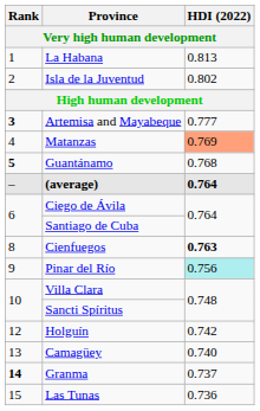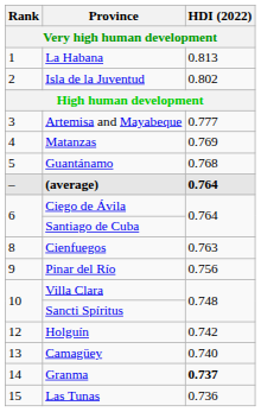 <table class="wikitable sortable">
 <tr>
 <th>Rank</th>
 <th>Province</th>
 <th>HDI (2022)</th>
 </tr>
 <tr>
 <th colspan="3" style="color:#090;">Very high human development</th>
 </tr>
 <tr>
 <td>1</td>
 <td><a href='#'>La Habana</a></td>
 <td> 0.813</td>
 </tr>
 <tr>
 <td>2</td>
 <td><a href='#'>Isla de la Juventud</a></td>
 <td> 0.802</td>
 </tr>
 <tr>
 <th colspan="3" style="color:#0c0;">High human development</th>
 </tr>
 <tr>
-<td><strong>3</strong></td>
+<td>3</td>
 <td><a href='#'>Artemisa</a> and <a href='#'>Mayabeque</a></td>
 <td> 0.777</td>
 </tr>
 <tr>
 <td>4</td>
 <td><a href='#'>Matanzas</a></td>
-<td style="background: lightsalmon;"> 0.769</td>
+<td> 0.769</td>
 </tr>
 <tr>
-<td><strong>5</strong></td>
+<td>5</td>
 <td><a href='#'>Guantánamo</a></td>
 <td> 0.768</td>
 </tr>
 <tr style="background:#e6e6e6">
 <td>–</td>
 <td><strong> (average)</strong></td>
 <td> <strong>0.764</strong></td>
 </tr>
 <tr>
 <td rowspan="2">6</td>
 <td><a href='#'>Ciego de Ávila</a></td>
 <td rowspan="2"> 0.764</td>
 </tr>
 <tr>
 <td><a href='#'>Santiago de Cuba</a></td>
 </tr>
 <tr>
 <td>8</td>
 <td><a href='#'>Cienfuegos</a></td>
-<td><strong> 0.763</strong></td>
+<td> 0.763</td>
 </tr>
 <tr>
 <td>9</td>
 <td><a href='#'>Pinar del Río</a></td>
-<td style="background: paleturquoise;"> 0.756</td>
+<td> 0.756</td>
 </tr>
 <tr>
 <td rowspan="2">10</td>
 <td><a href='#'>Villa Clara</a></td>
 <td rowspan="2"> 0.748</td>
 </tr>
 <tr>
 <td><a href='#'>Sancti Spíritus</a></td>
 </tr>
 <tr>
 <td>12</td>
 <td><a href='#'>Holguín</a></td>
 <td> 0.742</td>
 </tr>
 <tr>
 <td>13</td>
 <td><a href='#'>Camagüey</a></td>
 <td> 0.740</td>
 </tr>
 <tr>
-<td><strong>14</strong></td>
+<td>14</td>
 <td><a href='#'>Granma</a></td>
-<td> 0.737</td>
+<td><strong> 0.737</strong></td>
 </tr>
 <tr>
 <td>15</td>
 <td><a href='#'>Las Tunas</a></td>
 <td> 0.736</td>
 </tr>
 </table>
